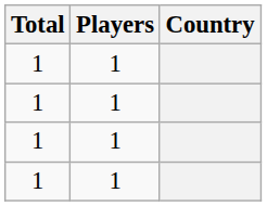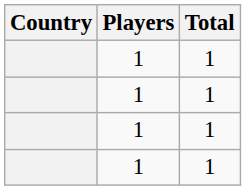 <table class="sortable wikitable plainrowheaders" style="text-align:center;">
 <tr>
+<th scope="col">Country</th>
+<th scope="col">Players</th>
 <th scope="col">Total</th>
-<th scope="col">Players</th>
-<th scope="col">Country</th>
 </tr>
 <tr>
+<th scope="row"></th>
 <td>1</td>
 <td>1</td>
-<th scope="row"></th>
 </tr>
 <tr>
+<th scope="row"></th>
 <td>1</td>
 <td>1</td>
-<th scope="row"></th>
 </tr>
 <tr>
+<th scope="row"></th>
 <td>1</td>
 <td>1</td>
-<th scope="row"></th>
 </tr>
 <tr>
+<th scope="row"></th>
 <td>1</td>
 <td>1</td>
-<th scope="row"></th>
 </tr>
 </table>
